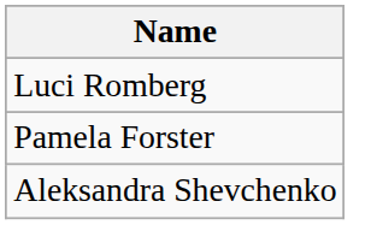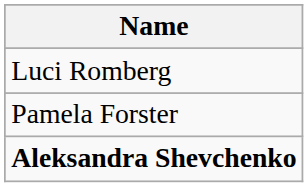 <table class="wikitable">
 <tr>
 <th>Name</th>
 </tr>
 <tr>
 <td> Luci Romberg</td>
 </tr>
 <tr>
 <td> Pamela Forster</td>
 </tr>
 <tr>
-<td> Aleksandra Shevchenko</td>
+<td><strong> Aleksandra Shevchenko</strong></td>
 </tr>
 </table>
